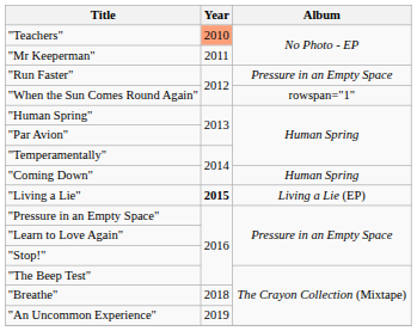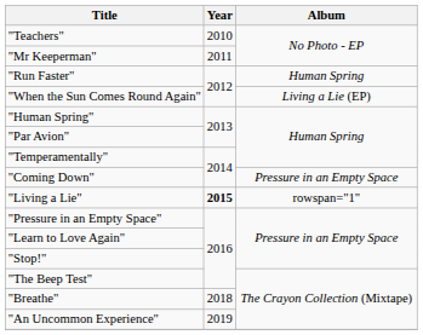 <table class="wikitable" style="text-align:center;">
 <tr>
 <th scope="col">Title</th>
 <th scope="col">Year</th>
 <th scope="col" width="220">Album</th>
 </tr>
 <tr>
 <td align="left">"Teachers"</td>
-<td rowspan="1" style="background: lightsalmon;">2010</td>
+<td rowspan="1">2010</td>
 <td rowspan="2"><em>No Photo - EP</em></td>
 </tr>
 <tr>
 <td align="left">"Mr Keeperman"</td>
 <td rowspan="1">2011</td>
 </tr>
 <tr>
 <td align="left">"Run Faster"</td>
 <td rowspan="2">2012</td>
-<td rowspan="1"><em>Pressure in an Empty Space</em></td>
+<td rowspan="1"><em>Human Spring</em></td>
 </tr>
 <tr>
 <td align="left">"When the Sun Comes Round Again"</td>
-<td>rowspan="1" </td>
+<td rowspan="1"><em>Living a Lie</em> (EP)</td>
 </tr>
 <tr>
 <td align="left">"Human Spring"</td>
 <td rowspan="2">2013</td>
 <td rowspan="3"><em>Human Spring</em></td>
 </tr>
 <tr>
 <td align="left">"Par Avion"</td>
 </tr>
 <tr>
 <td align="left">"Temperamentally"</td>
 <td rowspan="2">2014</td>
 </tr>
 <tr>
 <td align="left">"Coming Down"</td>
-<td rowspan="1"><em>Human Spring</em></td>
+<td rowspan="1"><em>Pressure in an Empty Space</em></td>
 </tr>
 <tr>
 <td align="left">"Living a Lie"</td>
 <td rowspan="1"><strong>2015</strong></td>
-<td rowspan="1"><em>Living a Lie</em> (EP)</td>
+<td>rowspan="1" </td>
 </tr>
 <tr>
 <td align="left">"Pressure in an Empty Space"</td>
 <td rowspan="4">2016</td>
 <td rowspan="3"><em>Pressure in an Empty Space</em></td>
 </tr>
 <tr>
 <td align="left">"Learn to Love Again"</td>
 </tr>
 <tr>
 <td align="left">"Stop!"</td>
 </tr>
 <tr>
 <td align="left">"The Beep Test"</td>
 <td rowspan="3"><em>The Crayon Collection</em> (Mixtape)</td>
 </tr>
 <tr>
 <td align="left">"Breathe"</td>
 <td rowspan="1">2018</td>
 </tr>
 <tr>
 <td align="left">"An Uncommon Experience"</td>
 <td rowspan="1">2019</td>
 </tr>
 <tr>
 </tr>
 </table>
